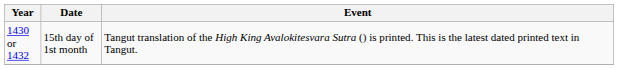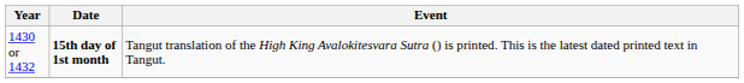 <table class="wikitable" width="100%">
 <tr>
 <th style="width:6%">Year</th>
 <th style="width:10%">Date</th>
 <th>Event</th>
 </tr>
 <tr>
 <td><a href='#'>1430</a> or <a href='#'>1432</a></td>
-<td>15th day of 1st month</td>
+<td><strong>15th day of 1st month</strong></td>
 <td>Tangut translation of the <em>High King Avalokitesvara Sutra</em>  () is printed. This is the latest dated printed text in Tangut.</td>
 </tr>
 <tr>
 </tr>
 </table>
